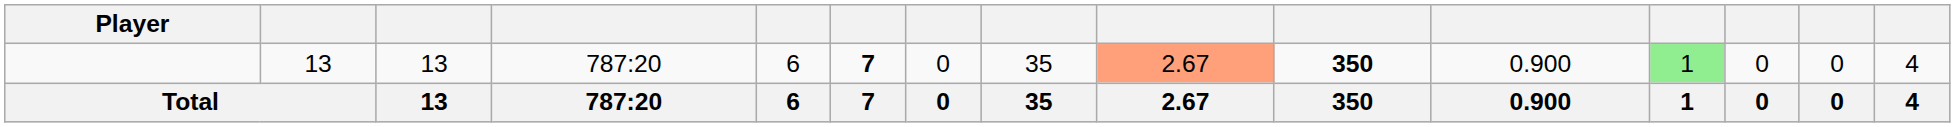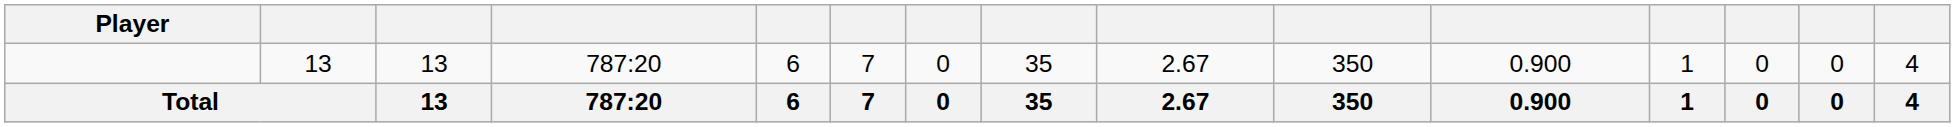 <table class="wikitable sortable" style="width:100%; text-align:center;">
 <tr>
 <th>Player</th>
 <th></th>
 <th></th>
 <th></th>
 <th></th>
 <th></th>
 <th></th>
 <th></th>
 <th></th>
 <th></th>
 <th></th>
 <th></th>
 <th></th>
 <th></th>
 <th></th>
 </tr>
 <tr>
 <td></td>
 <td>13</td>
 <td>13</td>
 <td>787:20</td>
 <td>6</td>
-<td><strong>7</strong></td>
+<td>7</td>
 <td>0</td>
 <td>35</td>
-<td style="background: lightsalmon;">2.67</td>
-<td><strong>350</strong></td>
+<td>2.67</td>
+<td>350</td>
 <td>0.900</td>
-<td style="background: lightgreen;">1</td>
+<td>1</td>
 <td>0</td>
 <td>0</td>
 <td>4</td>
 </tr>
 <tr class="sortbottom">
 <th colspan=2>Total</th>
 <th>13</th>
 <th>787:20</th>
 <th>6</th>
 <th>7</th>
 <th>0</th>
 <th>35</th>
 <th>2.67</th>
 <th>350</th>
 <th>0.900</th>
 <th>1</th>
 <th>0</th>
 <th>0</th>
 <th>4</th>
 </tr>
 </table>
